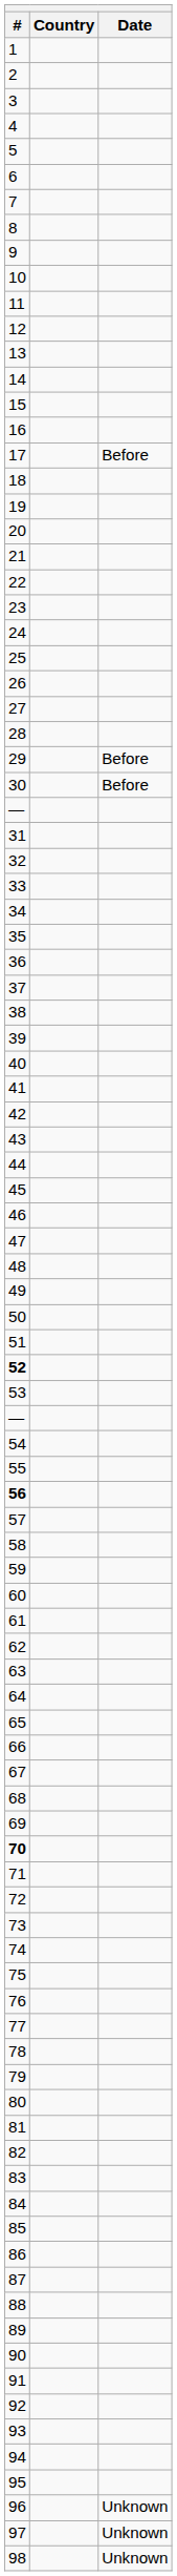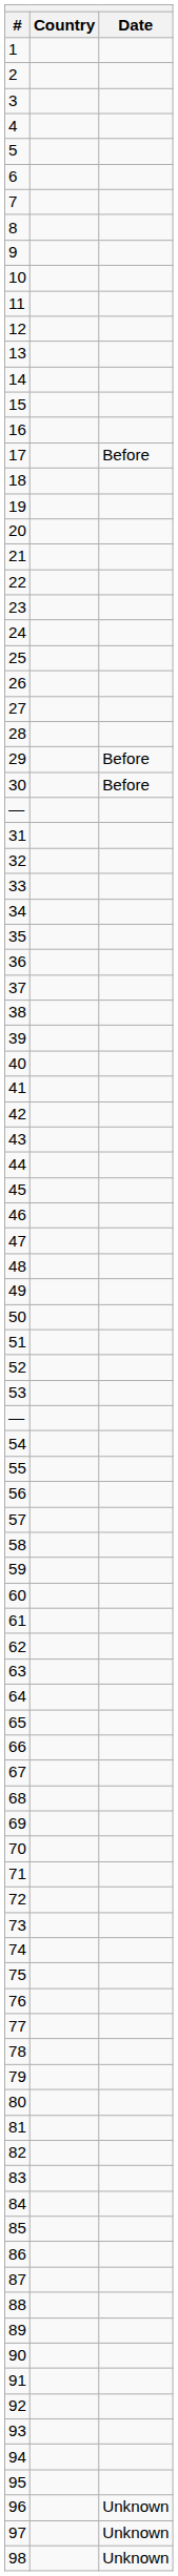 <table class="wikitable sortable">
 <tr>
 <th colspan="3"></th>
 </tr>
 <tr>
 <th>#</th>
 <th>Country</th>
 <th>Date</th>
 </tr>
 <tr>
 <td>1</td>
 <td></td>
 <td></td>
 </tr>
 <tr>
 <td>2</td>
 <td></td>
 <td></td>
 </tr>
 <tr>
 <td>3</td>
 <td></td>
 <td></td>
 </tr>
 <tr>
 <td>4</td>
 <td></td>
 <td></td>
 </tr>
 <tr>
 <td>5</td>
 <td></td>
 <td></td>
 </tr>
 <tr>
 <td>6</td>
 <td></td>
 <td></td>
 </tr>
 <tr>
 <td>7</td>
 <td></td>
 <td></td>
 </tr>
 <tr>
 <td>8</td>
 <td></td>
 <td></td>
 </tr>
 <tr>
 <td>9</td>
 <td></td>
 <td></td>
 </tr>
 <tr>
 <td>10</td>
 <td></td>
 <td></td>
 </tr>
 <tr>
 <td>11</td>
 <td></td>
 <td></td>
 </tr>
 <tr>
 <td>12</td>
 <td></td>
 <td></td>
 </tr>
 <tr>
 <td>13</td>
 <td></td>
 <td></td>
 </tr>
 <tr>
 <td>14</td>
 <td></td>
 <td></td>
 </tr>
 <tr>
 <td>15</td>
 <td></td>
 <td></td>
 </tr>
 <tr>
 <td>16</td>
 <td></td>
 <td></td>
 </tr>
 <tr>
 <td>17</td>
 <td></td>
 <td>Before </td>
 </tr>
 <tr>
 <td>18</td>
 <td></td>
 <td></td>
 </tr>
 <tr>
 <td>19</td>
 <td></td>
 <td></td>
 </tr>
 <tr>
 <td>20</td>
 <td></td>
 <td></td>
 </tr>
 <tr>
 <td>21</td>
 <td></td>
 <td></td>
 </tr>
 <tr>
 <td>22</td>
 <td></td>
 <td></td>
 </tr>
 <tr>
 <td>23</td>
 <td></td>
 <td></td>
 </tr>
 <tr>
 <td>24</td>
 <td></td>
 <td></td>
 </tr>
 <tr>
 <td>25</td>
 <td></td>
 <td></td>
 </tr>
 <tr>
 <td>26</td>
 <td></td>
 <td></td>
 </tr>
 <tr>
 <td>27</td>
 <td></td>
 <td></td>
 </tr>
 <tr>
 <td>28</td>
 <td></td>
 <td></td>
 </tr>
 <tr>
 <td>29</td>
 <td></td>
 <td>Before </td>
 </tr>
 <tr>
 <td>30</td>
 <td></td>
 <td>Before </td>
 </tr>
 <tr>
 <td>—</td>
 <td></td>
 <td></td>
 </tr>
 <tr>
 <td>31</td>
 <td></td>
 <td></td>
 </tr>
 <tr>
 <td>32</td>
 <td></td>
 <td></td>
 </tr>
 <tr>
 <td>33</td>
 <td></td>
 <td></td>
 </tr>
 <tr>
 <td>34</td>
 <td></td>
 <td></td>
 </tr>
 <tr>
 <td>35</td>
 <td></td>
 <td></td>
 </tr>
 <tr>
 <td>36</td>
 <td></td>
 <td></td>
 </tr>
 <tr>
 <td>37</td>
 <td></td>
 <td></td>
 </tr>
 <tr>
 <td>38</td>
 <td></td>
 <td></td>
 </tr>
 <tr>
 <td>39</td>
 <td></td>
 <td></td>
 </tr>
 <tr>
 <td>40</td>
 <td></td>
 <td></td>
 </tr>
 <tr>
 <td>41</td>
 <td></td>
 <td></td>
 </tr>
 <tr>
 <td>42</td>
 <td></td>
 <td></td>
 </tr>
 <tr>
 <td>43</td>
 <td></td>
 <td></td>
 </tr>
 <tr>
 <td>44</td>
 <td></td>
 <td></td>
 </tr>
 <tr>
 <td>45</td>
 <td></td>
 <td></td>
 </tr>
 <tr>
 <td>46</td>
 <td></td>
 <td></td>
 </tr>
 <tr>
 <td>47</td>
 <td></td>
 <td></td>
 </tr>
 <tr>
 <td>48</td>
 <td></td>
 <td></td>
 </tr>
 <tr>
 <td>49</td>
 <td></td>
 <td></td>
 </tr>
 <tr>
 <td>50</td>
 <td></td>
 <td></td>
 </tr>
 <tr>
 <td>51</td>
 <td></td>
 <td></td>
 </tr>
 <tr>
-<td><strong>52</strong></td>
+<td>52</td>
 <td></td>
 <td></td>
 </tr>
 <tr>
 <td>53</td>
 <td></td>
 <td></td>
 </tr>
 <tr>
 <td>—</td>
 <td></td>
 <td></td>
 </tr>
 <tr>
 <td>54</td>
 <td></td>
 <td></td>
 </tr>
 <tr>
 <td>55</td>
 <td></td>
 <td></td>
 </tr>
 <tr>
-<td><strong>56</strong></td>
+<td>56</td>
 <td></td>
 <td></td>
 </tr>
 <tr>
 <td>57</td>
 <td></td>
 <td></td>
 </tr>
 <tr>
 <td>58</td>
 <td></td>
 <td></td>
 </tr>
 <tr>
 <td>59</td>
 <td></td>
 <td></td>
 </tr>
 <tr>
 <td>60</td>
 <td></td>
 <td></td>
 </tr>
 <tr>
 <td>61</td>
 <td></td>
 <td></td>
 </tr>
 <tr>
 <td>62</td>
 <td></td>
 <td></td>
 </tr>
 <tr>
 <td>63</td>
 <td></td>
 <td></td>
 </tr>
 <tr>
 <td>64</td>
 <td></td>
 <td></td>
 </tr>
 <tr>
 <td>65</td>
 <td></td>
 <td></td>
 </tr>
 <tr>
 <td>66</td>
 <td></td>
 <td></td>
 </tr>
 <tr>
 <td>67</td>
 <td></td>
 <td></td>
 </tr>
 <tr>
 <td>68</td>
 <td></td>
 <td></td>
 </tr>
 <tr>
 <td>69</td>
 <td></td>
 <td></td>
 </tr>
 <tr>
-<td><strong>70</strong></td>
+<td>70</td>
 <td></td>
 <td></td>
 </tr>
 <tr>
 <td>71</td>
 <td></td>
 <td></td>
 </tr>
 <tr>
 <td>72</td>
 <td></td>
 <td></td>
 </tr>
 <tr>
 <td>73</td>
 <td></td>
 <td></td>
 </tr>
 <tr>
 <td>74</td>
 <td></td>
 <td></td>
 </tr>
 <tr>
 <td>75</td>
 <td></td>
 <td></td>
 </tr>
 <tr>
 <td>76</td>
 <td></td>
 <td></td>
 </tr>
 <tr>
 <td>77</td>
 <td></td>
 <td></td>
 </tr>
 <tr>
 <td>78</td>
 <td></td>
 <td></td>
 </tr>
 <tr>
 <td>79</td>
 <td></td>
 <td></td>
 </tr>
 <tr>
 <td>80</td>
 <td></td>
 <td></td>
 </tr>
 <tr>
 <td>81</td>
 <td></td>
 <td></td>
 </tr>
 <tr>
 <td>82</td>
 <td></td>
 <td></td>
 </tr>
 <tr>
 <td>83</td>
 <td></td>
 <td></td>
 </tr>
 <tr>
 <td>84</td>
 <td></td>
 <td></td>
 </tr>
 <tr>
 <td>85</td>
 <td></td>
 <td></td>
 </tr>
 <tr>
 <td>86</td>
 <td></td>
 <td></td>
 </tr>
 <tr>
 <td>87</td>
 <td></td>
 <td></td>
 </tr>
 <tr>
 <td>88</td>
 <td></td>
 <td></td>
 </tr>
 <tr>
 <td>89</td>
 <td></td>
 <td></td>
 </tr>
 <tr>
 <td>90</td>
 <td></td>
 <td></td>
 </tr>
 <tr>
 <td>91</td>
 <td></td>
 <td></td>
 </tr>
 <tr>
 <td>92</td>
 <td></td>
 <td></td>
 </tr>
 <tr>
 <td>93</td>
 <td></td>
 <td></td>
 </tr>
 <tr>
 <td>94</td>
 <td></td>
 <td></td>
 </tr>
 <tr>
 <td>95</td>
 <td></td>
 <td></td>
 </tr>
 <tr>
 <td>96</td>
 <td></td>
 <td>Unknown</td>
 </tr>
 <tr>
 <td>97</td>
 <td></td>
 <td>Unknown</td>
 </tr>
 <tr>
 <td>98</td>
 <td></td>
 <td>Unknown</td>
 </tr>
 </table>
